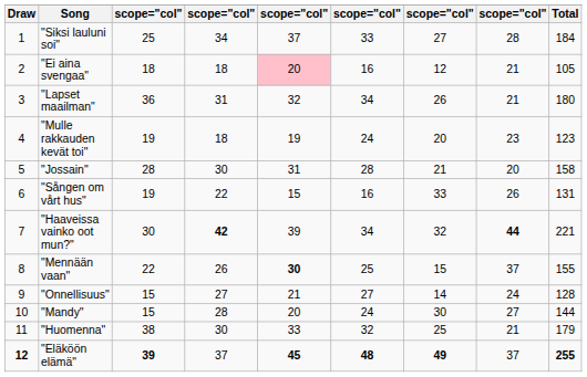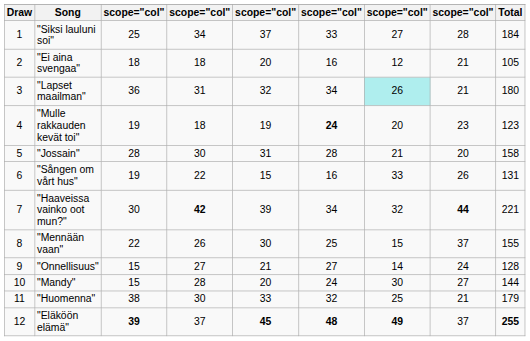 <table class="wikitable plainrowheaders" style="margin: 1em auto 1em auto; text-align:center;">
 <tr>
 </tr>
 <tr>
 <th scope="col">Draw</th>
 <th scope="col">Song</th>
 <th>scope="col" </th>
 <th>scope="col" </th>
 <th>scope="col" </th>
 <th>scope="col" </th>
 <th>scope="col" </th>
 <th>scope="col" </th>
 <th scope="col">Total</th>
 </tr>
 <tr>
 <td>1</td>
 <td align="left">"Siksi lauluni soi"</td>
 <td>25</td>
 <td>34</td>
 <td>37</td>
 <td>33</td>
 <td>27</td>
 <td>28</td>
 <td>184</td>
 </tr>
 <tr>
 <td>2</td>
 <td align="left">"Ei aina svengaa"</td>
 <td>18</td>
 <td>18</td>
-<td style="background: pink;">20</td>
+<td>20</td>
 <td>16</td>
 <td>12</td>
 <td>21</td>
 <td>105</td>
 </tr>
 <tr>
 <td>3</td>
 <td align="left">"Lapset maailman"</td>
 <td>36</td>
 <td>31</td>
 <td>32</td>
 <td>34</td>
-<td>26</td>
+<td style="background: paleturquoise;">26</td>
 <td>21</td>
 <td>180</td>
 </tr>
 <tr>
 <td>4</td>
 <td align="left">"Mulle rakkauden kevät toi"</td>
 <td>19</td>
 <td>18</td>
 <td>19</td>
-<td>24</td>
+<td><strong>24</strong></td>
 <td>20</td>
 <td>23</td>
 <td>123</td>
 </tr>
 <tr>
 <td>5</td>
 <td align="left">"Jossain"</td>
 <td>28</td>
 <td>30</td>
 <td>31</td>
 <td>28</td>
 <td>21</td>
 <td>20</td>
 <td>158</td>
 </tr>
 <tr>
 <td>6</td>
 <td align="left">"Sången om vårt hus"</td>
 <td>19</td>
 <td>22</td>
 <td>15</td>
 <td>16</td>
 <td>33</td>
 <td>26</td>
 <td>131</td>
 </tr>
 <tr>
 <td>7</td>
 <td align="left">"Haaveissa vainko oot mun?"</td>
 <td>30</td>
 <td><strong>42</strong></td>
 <td>39</td>
 <td>34</td>
 <td>32</td>
 <td><strong>44</strong></td>
 <td>221</td>
 </tr>
 <tr>
 <td>8</td>
 <td align="left">"Mennään vaan"</td>
 <td>22</td>
 <td>26</td>
-<td><strong>30</strong></td>
+<td>30</td>
 <td>25</td>
 <td>15</td>
 <td>37</td>
 <td>155</td>
 </tr>
 <tr>
 <td>9</td>
 <td align="left">"Onnellisuus"</td>
 <td>15</td>
 <td>27</td>
 <td>21</td>
 <td>27</td>
 <td>14</td>
 <td>24</td>
 <td>128</td>
 </tr>
 <tr>
 <td>10</td>
 <td align="left">"Mandy"</td>
 <td>15</td>
 <td>28</td>
 <td>20</td>
 <td>24</td>
 <td>30</td>
 <td>27</td>
 <td>144</td>
 </tr>
 <tr>
 <td>11</td>
 <td align="left">"Huomenna"</td>
 <td>38</td>
 <td>30</td>
 <td>33</td>
 <td>32</td>
 <td>25</td>
 <td>21</td>
 <td>179</td>
 </tr>
 <tr>
-<td><strong>12</strong></td>
+<td>12</td>
 <td align="left">"Eläköön elämä"</td>
 <td><strong>39</strong></td>
 <td>37</td>
 <td><strong>45</strong></td>
 <td><strong>48</strong></td>
 <td><strong>49</strong></td>
 <td>37</td>
 <td><strong>255</strong></td>
 </tr>
 </table>
